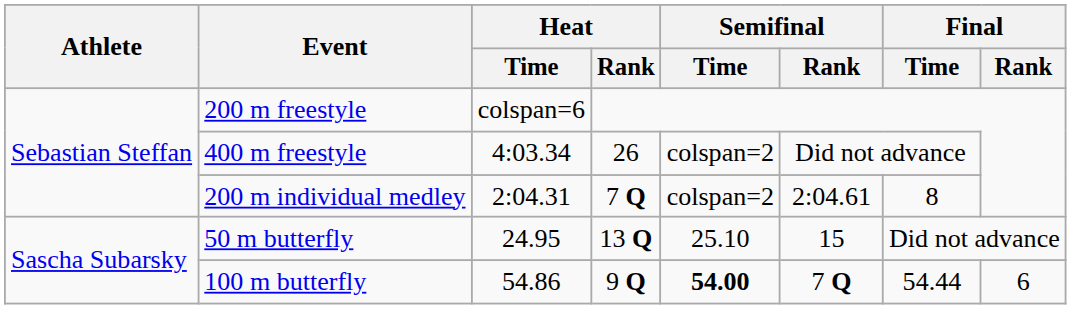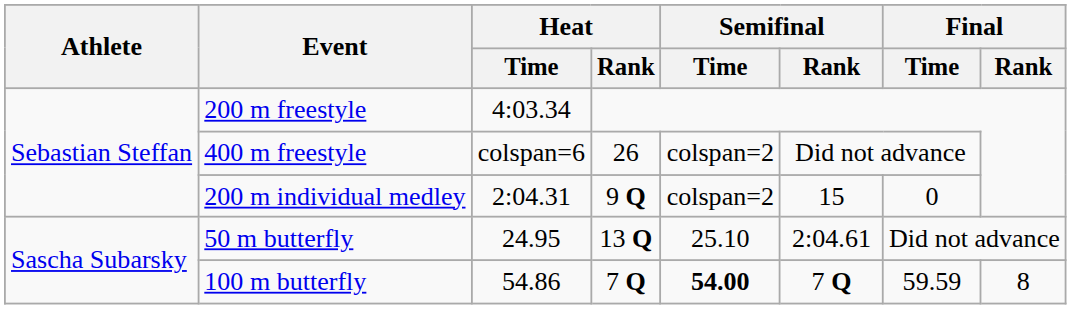 <table class=wikitable style="font-size:90%">
 <tr>
 <th rowspan=2>Athlete</th>
 <th rowspan=2>Event</th>
 <th colspan="2">Heat</th>
 <th colspan="2">Semifinal</th>
 <th colspan="2">Final</th>
 </tr>
 <tr style="font-size:95%">
 <th>Time</th>
 <th>Rank</th>
 <th>Time</th>
 <th>Rank</th>
 <th>Time</th>
 <th>Rank</th>
 </tr>
 <tr align=center>
 <td align=left rowspan=3><a href='#'>Sebastian Steffan</a></td>
 <td align=left><a href='#'>200 m freestyle</a></td>
-<td>colspan=6 </td>
+<td>4:03.34</td>
 </tr>
 <tr align=center>
 <td align=left><a href='#'>400 m freestyle</a></td>
-<td>4:03.34</td>
+<td>colspan=6 </td>
 <td>26</td>
 <td>colspan=2 </td>
 <td colspan=2>Did not advance</td>
 </tr>
 <tr align=center>
 <td align=left><a href='#'>200 m individual medley</a></td>
 <td>2:04.31</td>
-<td>7 <strong>Q</strong></td>
+<td>9 <strong>Q</strong></td>
 <td>colspan=2 </td>
-<td>2:04.61</td>
-<td>8</td>
+<td>15</td>
+<td>0</td>
 </tr>
 <tr align=center>
 <td align=left rowspan=2><a href='#'>Sascha Subarsky</a></td>
 <td align=left><a href='#'>50 m butterfly</a></td>
 <td>24.95</td>
 <td>13 <strong>Q</strong></td>
 <td>25.10</td>
-<td>15</td>
+<td>2:04.61</td>
 <td colspan=2>Did not advance</td>
 </tr>
 <tr align=center>
 <td align=left><a href='#'>100 m butterfly</a></td>
 <td>54.86</td>
-<td>9 <strong>Q</strong></td>
+<td>7 <strong>Q</strong></td>
 <td><strong>54.00</strong></td>
 <td>7 <strong>Q</strong></td>
-<td>54.44</td>
-<td>6</td>
+<td>59.59</td>
+<td>8</td>
 </tr>
 </table>
